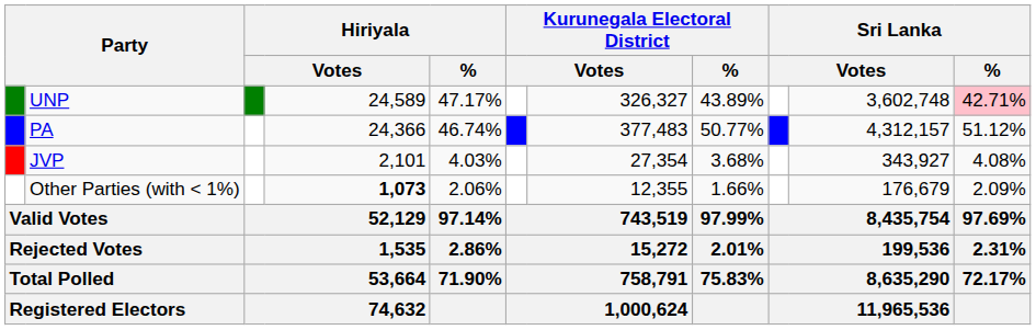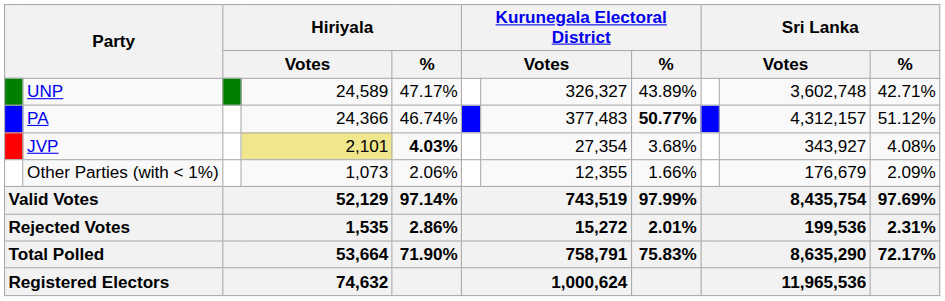 <table class="wikitable">
 <tr>
 <th colspan="2" width="144px"rowspan="2">Party</th>
 <th colspan="3" width="216px">Hiriyala</th>
 <th colspan="3" width="216px"><a href='#'>Kurunegala Electoral District</a></th>
 <th colspan="3" width="216px">Sri Lanka</th>
 </tr>
 <tr>
 <th colspan="2" width="144px">Votes</th>
 <th>%</th>
 <th colspan="2" width="144px">Votes</th>
 <th>%</th>
 <th colspan="2" width="144px">Votes</th>
 <th>%</th>
 </tr>
 <tr>
 <td style="background-color:green;" width="10px"></td>
 <td style="text-align:left;"><a href='#'>UNP</a></td>
 <td style="background-color:green;" width="10px"></td>
 <td style="text-align:right;">24,589</td>
 <td style="text-align:right;">47.17%</td>
 <td style="background-color:white;" width="10px"></td>
 <td style="text-align:right;">326,327</td>
 <td style="text-align:right;">43.89%</td>
 <td style="background-color:white;" width="10px"></td>
 <td style="text-align:right;">3,602,748</td>
-<td style="background: pink; text-align:right;">42.71%</td>
+<td style="text-align:right;">42.71%</td>
 </tr>
 <tr>
 <td style="background-color:blue;" width="10px"></td>
 <td style="text-align:left;"><a href='#'>PA</a></td>
 <td style="background-color:white;" width="10px"></td>
 <td style="text-align:right;">24,366</td>
 <td style="text-align:right;">46.74%</td>
 <td style="background-color:blue;" width="10px"></td>
 <td style="text-align:right;">377,483</td>
-<td style="text-align:right;">50.77%</td>
+<td style="text-align:right;"><strong>50.77%</strong></td>
 <td style="background-color:blue;" width="10px"></td>
 <td style="text-align:right;">4,312,157</td>
 <td style="text-align:right;">51.12%</td>
 </tr>
 <tr>
 <td style="background-color:red;" width="10px"></td>
 <td style="text-align:left;"><a href='#'>JVP</a></td>
 <td style="background-color:white;" width="10px"></td>
-<td style="text-align:right;">2,101</td>
-<td style="text-align:right;">4.03%</td>
+<td style="background: khaki; text-align:right;">2,101</td>
+<td style="text-align:right;"><strong>4.03%</strong></td>
 <td style="background-color:white;" width="10px"></td>
 <td style="text-align:right;">27,354</td>
 <td style="text-align:right;">3.68%</td>
 <td style="background-color:white;" width="10px"></td>
 <td style="text-align:right;">343,927</td>
 <td style="text-align:right;">4.08%</td>
 </tr>
 <tr>
 <td style="background-color:white;" width="10px"></td>
 <td style="text-align:left;">Other Parties (with < 1%)</td>
 <td style="background-color:white;" width="10px"></td>
-<td style="text-align:right;"><strong>1,073</strong></td>
+<td style="text-align:right;">1,073</td>
 <td style="text-align:right;">2.06%</td>
 <td style="background-color:white;" width="10px"></td>
 <td style="text-align:right;">12,355</td>
 <td style="text-align:right;">1.66%</td>
 <td style="background-color:white;" width="10px"></td>
 <td style="text-align:right;">176,679</td>
 <td style="text-align:right;">2.09%</td>
 </tr>
 <tr>
 <th colspan="2" width="144px"style="text-align:left;">Valid Votes</th>
 <th style="text-align:right;"colspan="2" width="144px">52,129</th>
 <th style="text-align:right;">97.14%</th>
 <th style="text-align:right;"colspan="2" width="144px">743,519</th>
 <th style="text-align:right;">97.99%</th>
 <th style="text-align:right;"colspan="2" width="144px">8,435,754</th>
 <th style="text-align:right;">97.69%</th>
 </tr>
 <tr>
 <th colspan="2" width="144px"style="text-align:left;">Rejected Votes</th>
 <th style="text-align:right;"colspan="2" width="144px">1,535</th>
 <th style="text-align:right;">2.86%</th>
 <th style="text-align:right;"colspan="2" width="144px">15,272</th>
 <th style="text-align:right;">2.01%</th>
 <th style="text-align:right;"colspan="2" width="144px">199,536</th>
 <th style="text-align:right;">2.31%</th>
 </tr>
 <tr>
 <th colspan="2" width="144px"style="text-align:left;">Total Polled</th>
 <th style="text-align:right;"colspan="2" width="144px">53,664</th>
 <th style="text-align:right;">71.90%</th>
 <th style="text-align:right;"colspan="2" width="144px">758,791</th>
 <th style="text-align:right;">75.83%</th>
 <th style="text-align:right;"colspan="2" width="144px">8,635,290</th>
 <th style="text-align:right;">72.17%</th>
 </tr>
 <tr>
 <th colspan="2" width="144px"style="text-align:left;">Registered Electors</th>
 <th style="text-align:right;"colspan="2" width="144px">74,632</th>
 <th></th>
 <th style="text-align:right;"colspan="2" width="144px">1,000,624</th>
 <th></th>
 <th style="text-align:right;"colspan="2" width="144px">11,965,536</th>
 <th></th>
 </tr>
 </table>
